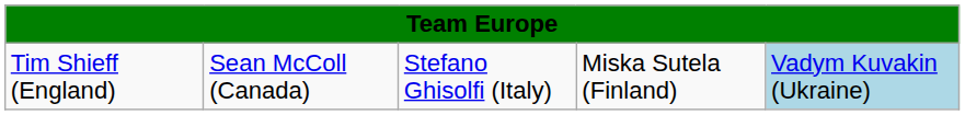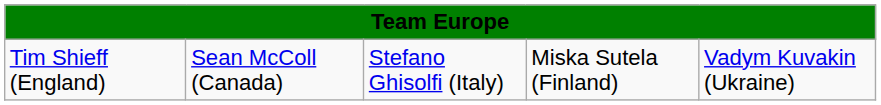 <table class="wikitable" style="width:50%; text-align=center;">
 <tr>
 <th colspan="5" style="background:green;">Team Europe</th>
 </tr>
 <tr>
 <td style="width:10%;"><a href='#'>Tim Shieff</a> (England)</td>
 <td style="width:10%;"><a href='#'>Sean McColl</a> (Canada)</td>
 <td style="width:10%;"><a href='#'>Stefano Ghisolfi</a> (Italy)</td>
 <td style="width:10%;">Miska Sutela (Finland)</td>
-<td style="background: lightblue; width:10%;"><a href='#'>Vadym Kuvakin</a> (Ukraine)</td>
+<td style="width:10%;"><a href='#'>Vadym Kuvakin</a> (Ukraine)</td>
 </tr>
 </table>
